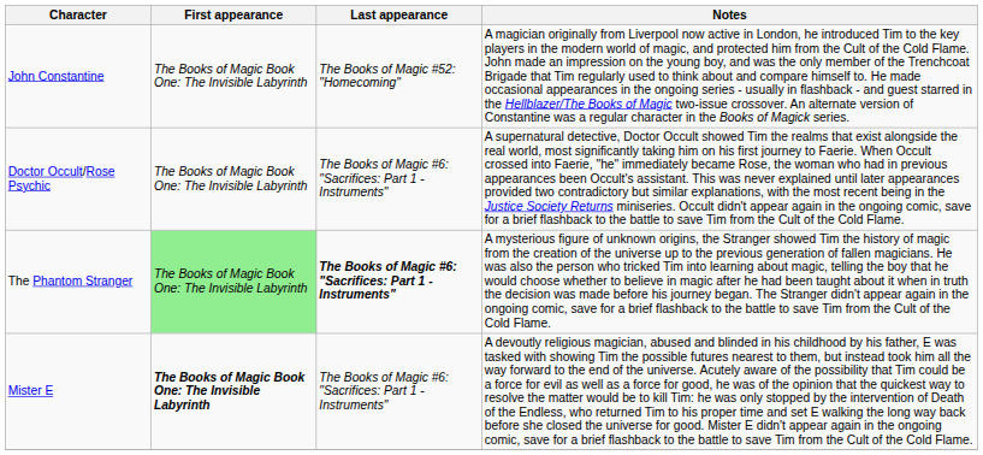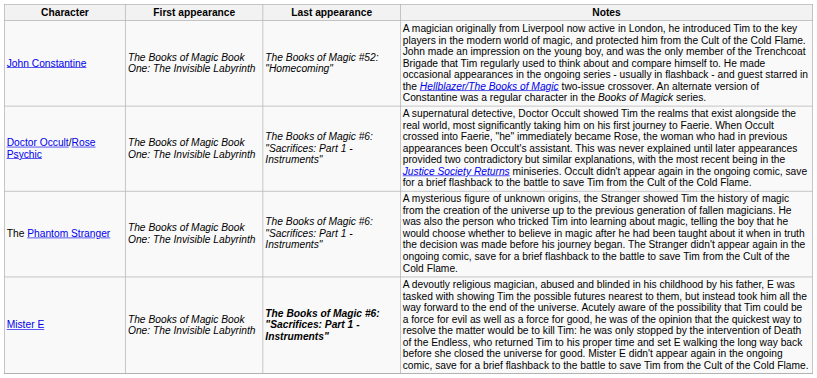 <table class="wikitable" width=100%>
 <tr>
 <th width=15%>Character</th>
 <th width=17%>First appearance</th>
 <th width=17%>Last appearance</th>
 <th width=51%>Notes</th>
 </tr>
 <tr>
 <td><a href='#'>John Constantine</a></td>
 <td><em>The Books of Magic Book One: The Invisible Labyrinth</em></td>
 <td><em>The Books of Magic #52: "Homecoming"</em></td>
 <td>A magician originally from Liverpool now active in London, he introduced Tim to the key players in the modern world of magic, and protected him from the Cult of the Cold Flame. John made an impression on the young boy, and was the only member of the Trenchcoat Brigade that Tim regularly used to think about and compare himself to. He made occasional appearances in the ongoing series - usually in flashback - and guest starred in the <em><a href='#'>Hellblazer/The Books of Magic</a></em> two-issue crossover. An alternate version of Constantine was a regular character in the <em>Books of Magick</em> series.</td>
 </tr>
 <tr>
 <td><a href='#'>Doctor Occult</a>/<a href='#'>Rose Psychic</a></td>
 <td><em>The Books of Magic Book One: The Invisible Labyrinth</em></td>
 <td><em>The Books of Magic #6: "Sacrifices: Part 1 - Instruments"</em></td>
 <td>A supernatural detective, Doctor Occult showed Tim the realms that exist alongside the real world, most significantly taking him on his first journey to Faerie. When Occult crossed into Faerie, "he" immediately became Rose, the woman who had in previous appearances been Occult's assistant. This was never explained until later appearances provided two contradictory but similar explanations, with the most recent being in the <em><a href='#'>Justice Society Returns</a></em> miniseries. Occult didn't appear again in the ongoing comic, save for a brief flashback to the battle to save Tim from the Cult of the Cold Flame.</td>
 </tr>
 <tr>
 <td>The <a href='#'>Phantom Stranger</a></td>
-<td style="background: lightgreen;"><em>The Books of Magic Book One: The Invisible Labyrinth</em></td>
-<td><strong><em>The Books of Magic #6: "Sacrifices: Part 1 - Instruments"</em></strong></td>
+<td><em>The Books of Magic Book One: The Invisible Labyrinth</em></td>
+<td><em>The Books of Magic #6: "Sacrifices: Part 1 - Instruments"</em></td>
 <td>A mysterious figure of unknown origins, the Stranger showed Tim the history of magic from the creation of the universe up to the previous generation of fallen magicians. He was also the person who tricked Tim into learning about magic, telling the boy that he would choose whether to believe in magic after he had been taught about it when in truth the decision was made before his journey began. The Stranger didn't appear again in the ongoing comic, save for a brief flashback to the battle to save Tim from the Cult of the Cold Flame.</td>
 </tr>
 <tr>
 <td><a href='#'>Mister E</a></td>
-<td><strong><em>The Books of Magic Book One: The Invisible Labyrinth</em></strong></td>
-<td><em>The Books of Magic #6: "Sacrifices: Part 1 - Instruments"</em></td>
+<td><em>The Books of Magic Book One: The Invisible Labyrinth</em></td>
+<td><strong><em>The Books of Magic #6: "Sacrifices: Part 1 - Instruments"</em></strong></td>
 <td>A devoutly religious magician, abused and blinded in his childhood by his father, E was tasked with showing Tim the possible futures nearest to them, but instead took him all the way forward to the end of the universe. Acutely aware of the possibility that Tim could be a force for evil as well as a force for good, he was of the opinion that the quickest way to resolve the matter would be to kill Tim: he was only stopped by the intervention of Death of the Endless, who returned Tim to his proper time and set E walking the long way back before she closed the universe for good. Mister E didn't appear again in the ongoing comic, save for a brief flashback to the battle to save Tim from the Cult of the Cold Flame.</td>
 </tr>
 <tr>
 </tr>
 </table>
